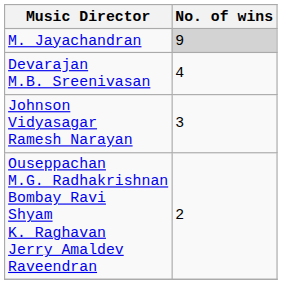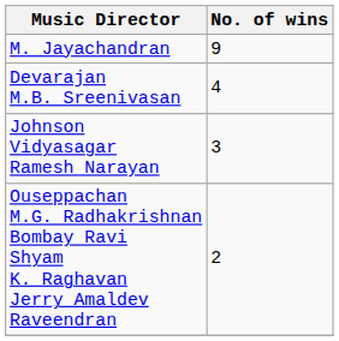 <table class="wikitable">
 <tr>
 <th>Music Director</th>
 <th>No. of wins</th>
 </tr>
 <tr>
 <td><a href='#'>M. Jayachandran</a></td>
-<td style="background: lightgrey;">9</td>
+<td>9</td>
 </tr>
 <tr>
 <td><a href='#'>Devarajan</a><br><a href='#'>M.B. Sreenivasan</a></td>
 <td>4</td>
 </tr>
 <tr>
 <td><a href='#'>Johnson</a><br><a href='#'>Vidyasagar</a><br><a href='#'>Ramesh Narayan</a></td>
 <td>3</td>
 </tr>
 <tr>
 <td><a href='#'>Ouseppachan</a><br><a href='#'>M.G. Radhakrishnan</a><br><a href='#'>Bombay Ravi</a><br><a href='#'>Shyam</a><br><a href='#'>K. Raghavan</a><br><a href='#'>Jerry Amaldev</a><br><a href='#'>Raveendran</a></td>
 <td>2</td>
 </tr>
 <tr>
 </tr>
 </table>
